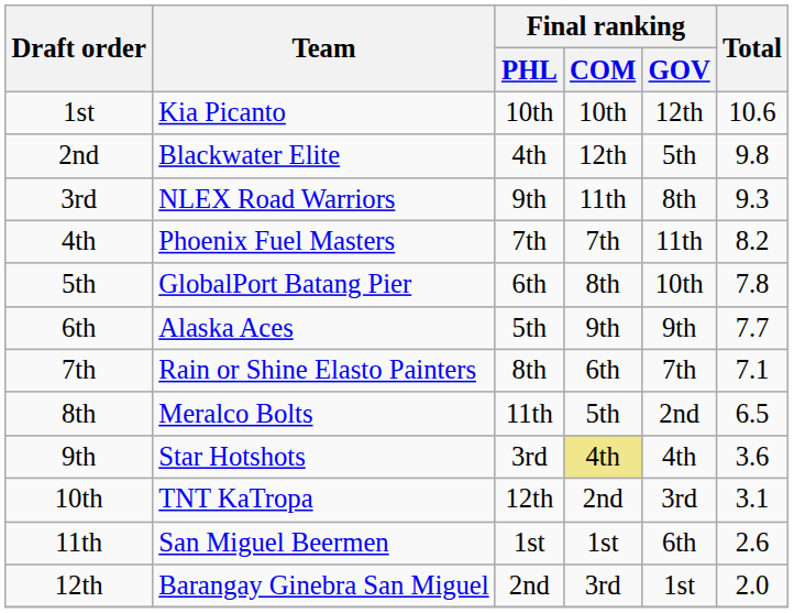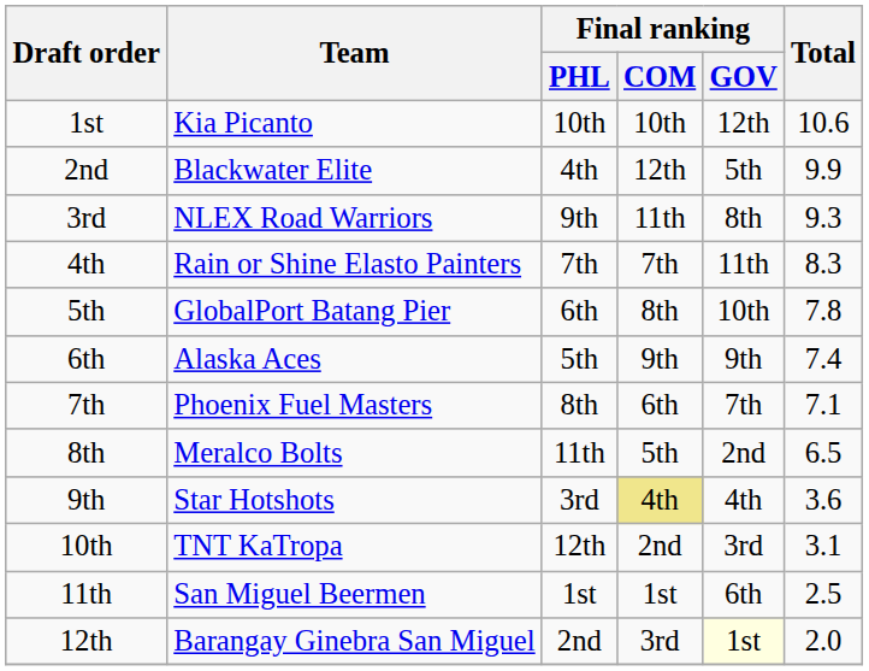 <table class=wikitable style="text-align:center;">
 <tr>
 <th rowspan=2>Draft order</th>
 <th rowspan=2>Team</th>
 <th colspan=3>Final ranking</th>
 <th rowspan=2>Total</th>
 </tr>
 <tr>
 <th><a href='#'>PHL</a></th>
 <th><a href='#'>COM</a></th>
 <th><a href='#'>GOV</a></th>
 </tr>
 <tr>
 <td>1st</td>
 <td align="left"><a href='#'>Kia Picanto</a></td>
 <td>10th</td>
 <td>10th</td>
 <td>12th</td>
 <td>10.6</td>
 </tr>
 <tr>
 <td>2nd</td>
 <td align="left"><a href='#'>Blackwater Elite</a></td>
 <td>4th</td>
 <td>12th</td>
 <td>5th</td>
-<td>9.8</td>
+<td>9.9</td>
 </tr>
 <tr>
 <td>3rd</td>
 <td align="left"><a href='#'>NLEX Road Warriors</a></td>
 <td>9th</td>
 <td>11th</td>
 <td>8th</td>
 <td>9.3</td>
 </tr>
 <tr>
 <td>4th</td>
-<td align="left"><a href='#'>Phoenix Fuel Masters</a></td>
+<td align="left"><a href='#'>Rain or Shine Elasto Painters</a></td>
 <td>7th</td>
 <td>7th</td>
 <td>11th</td>
-<td>8.2</td>
+<td>8.3</td>
 </tr>
 <tr>
 <td>5th</td>
 <td align="left"><a href='#'>GlobalPort Batang Pier</a></td>
 <td>6th</td>
 <td>8th</td>
 <td>10th</td>
 <td>7.8</td>
 </tr>
 <tr>
 <td>6th</td>
 <td align="left"><a href='#'>Alaska Aces</a></td>
 <td>5th</td>
 <td>9th</td>
 <td>9th</td>
-<td>7.7</td>
+<td>7.4</td>
 </tr>
 <tr>
 <td>7th</td>
-<td align="left"><a href='#'>Rain or Shine Elasto Painters</a></td>
+<td align="left"><a href='#'>Phoenix Fuel Masters</a></td>
 <td>8th</td>
 <td>6th</td>
 <td>7th</td>
 <td>7.1</td>
 </tr>
 <tr>
 <td>8th</td>
 <td align="left"><a href='#'>Meralco Bolts</a></td>
 <td>11th</td>
 <td>5th</td>
 <td>2nd</td>
 <td>6.5</td>
 </tr>
 <tr>
 <td>9th</td>
 <td align="left"><a href='#'>Star Hotshots</a></td>
 <td>3rd</td>
 <td style="background: khaki;">4th</td>
 <td>4th</td>
 <td>3.6</td>
 </tr>
 <tr>
 <td>10th</td>
 <td align="left"><a href='#'>TNT KaTropa</a></td>
 <td>12th</td>
 <td>2nd</td>
 <td>3rd</td>
 <td>3.1</td>
 </tr>
 <tr>
 <td>11th</td>
 <td align="left"><a href='#'>San Miguel Beermen</a></td>
 <td>1st</td>
 <td>1st</td>
 <td>6th</td>
-<td>2.6</td>
+<td>2.5</td>
 </tr>
 <tr>
 <td>12th</td>
 <td align="left"><a href='#'>Barangay Ginebra San Miguel</a></td>
 <td>2nd</td>
 <td>3rd</td>
-<td>1st</td>
+<td style="background: lightyellow;">1st</td>
 <td>2.0</td>
 </tr>
 <tr>
 </tr>
 </table>
